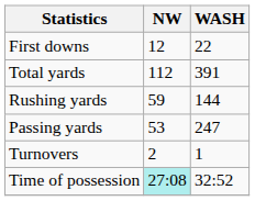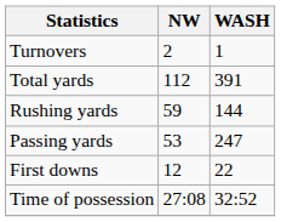 <table class="wikitable" style="float: left;">
 <tr>
 <th>Statistics</th>
 <th>NW</th>
 <th>WASH</th>
 </tr>
 <tr>
-<td>First downs</td>
-<td>12</td>
-<td>22</td>
+<td>Turnovers</td>
+<td>2</td>
+<td>1</td>
 </tr>
 <tr>
 <td>Total yards</td>
 <td>112</td>
 <td>391</td>
 </tr>
 <tr>
 <td>Rushing yards</td>
 <td>59</td>
 <td>144</td>
 </tr>
 <tr>
 <td>Passing yards</td>
 <td>53</td>
 <td>247</td>
 </tr>
 <tr>
-<td>Turnovers</td>
-<td>2</td>
-<td>1</td>
+<td>First downs</td>
+<td>12</td>
+<td>22</td>
 </tr>
 <tr>
 <td>Time of possession</td>
-<td style="background: paleturquoise;">27:08</td>
+<td>27:08</td>
 <td>32:52</td>
 </tr>
 <tr>
 </tr>
 </table>
